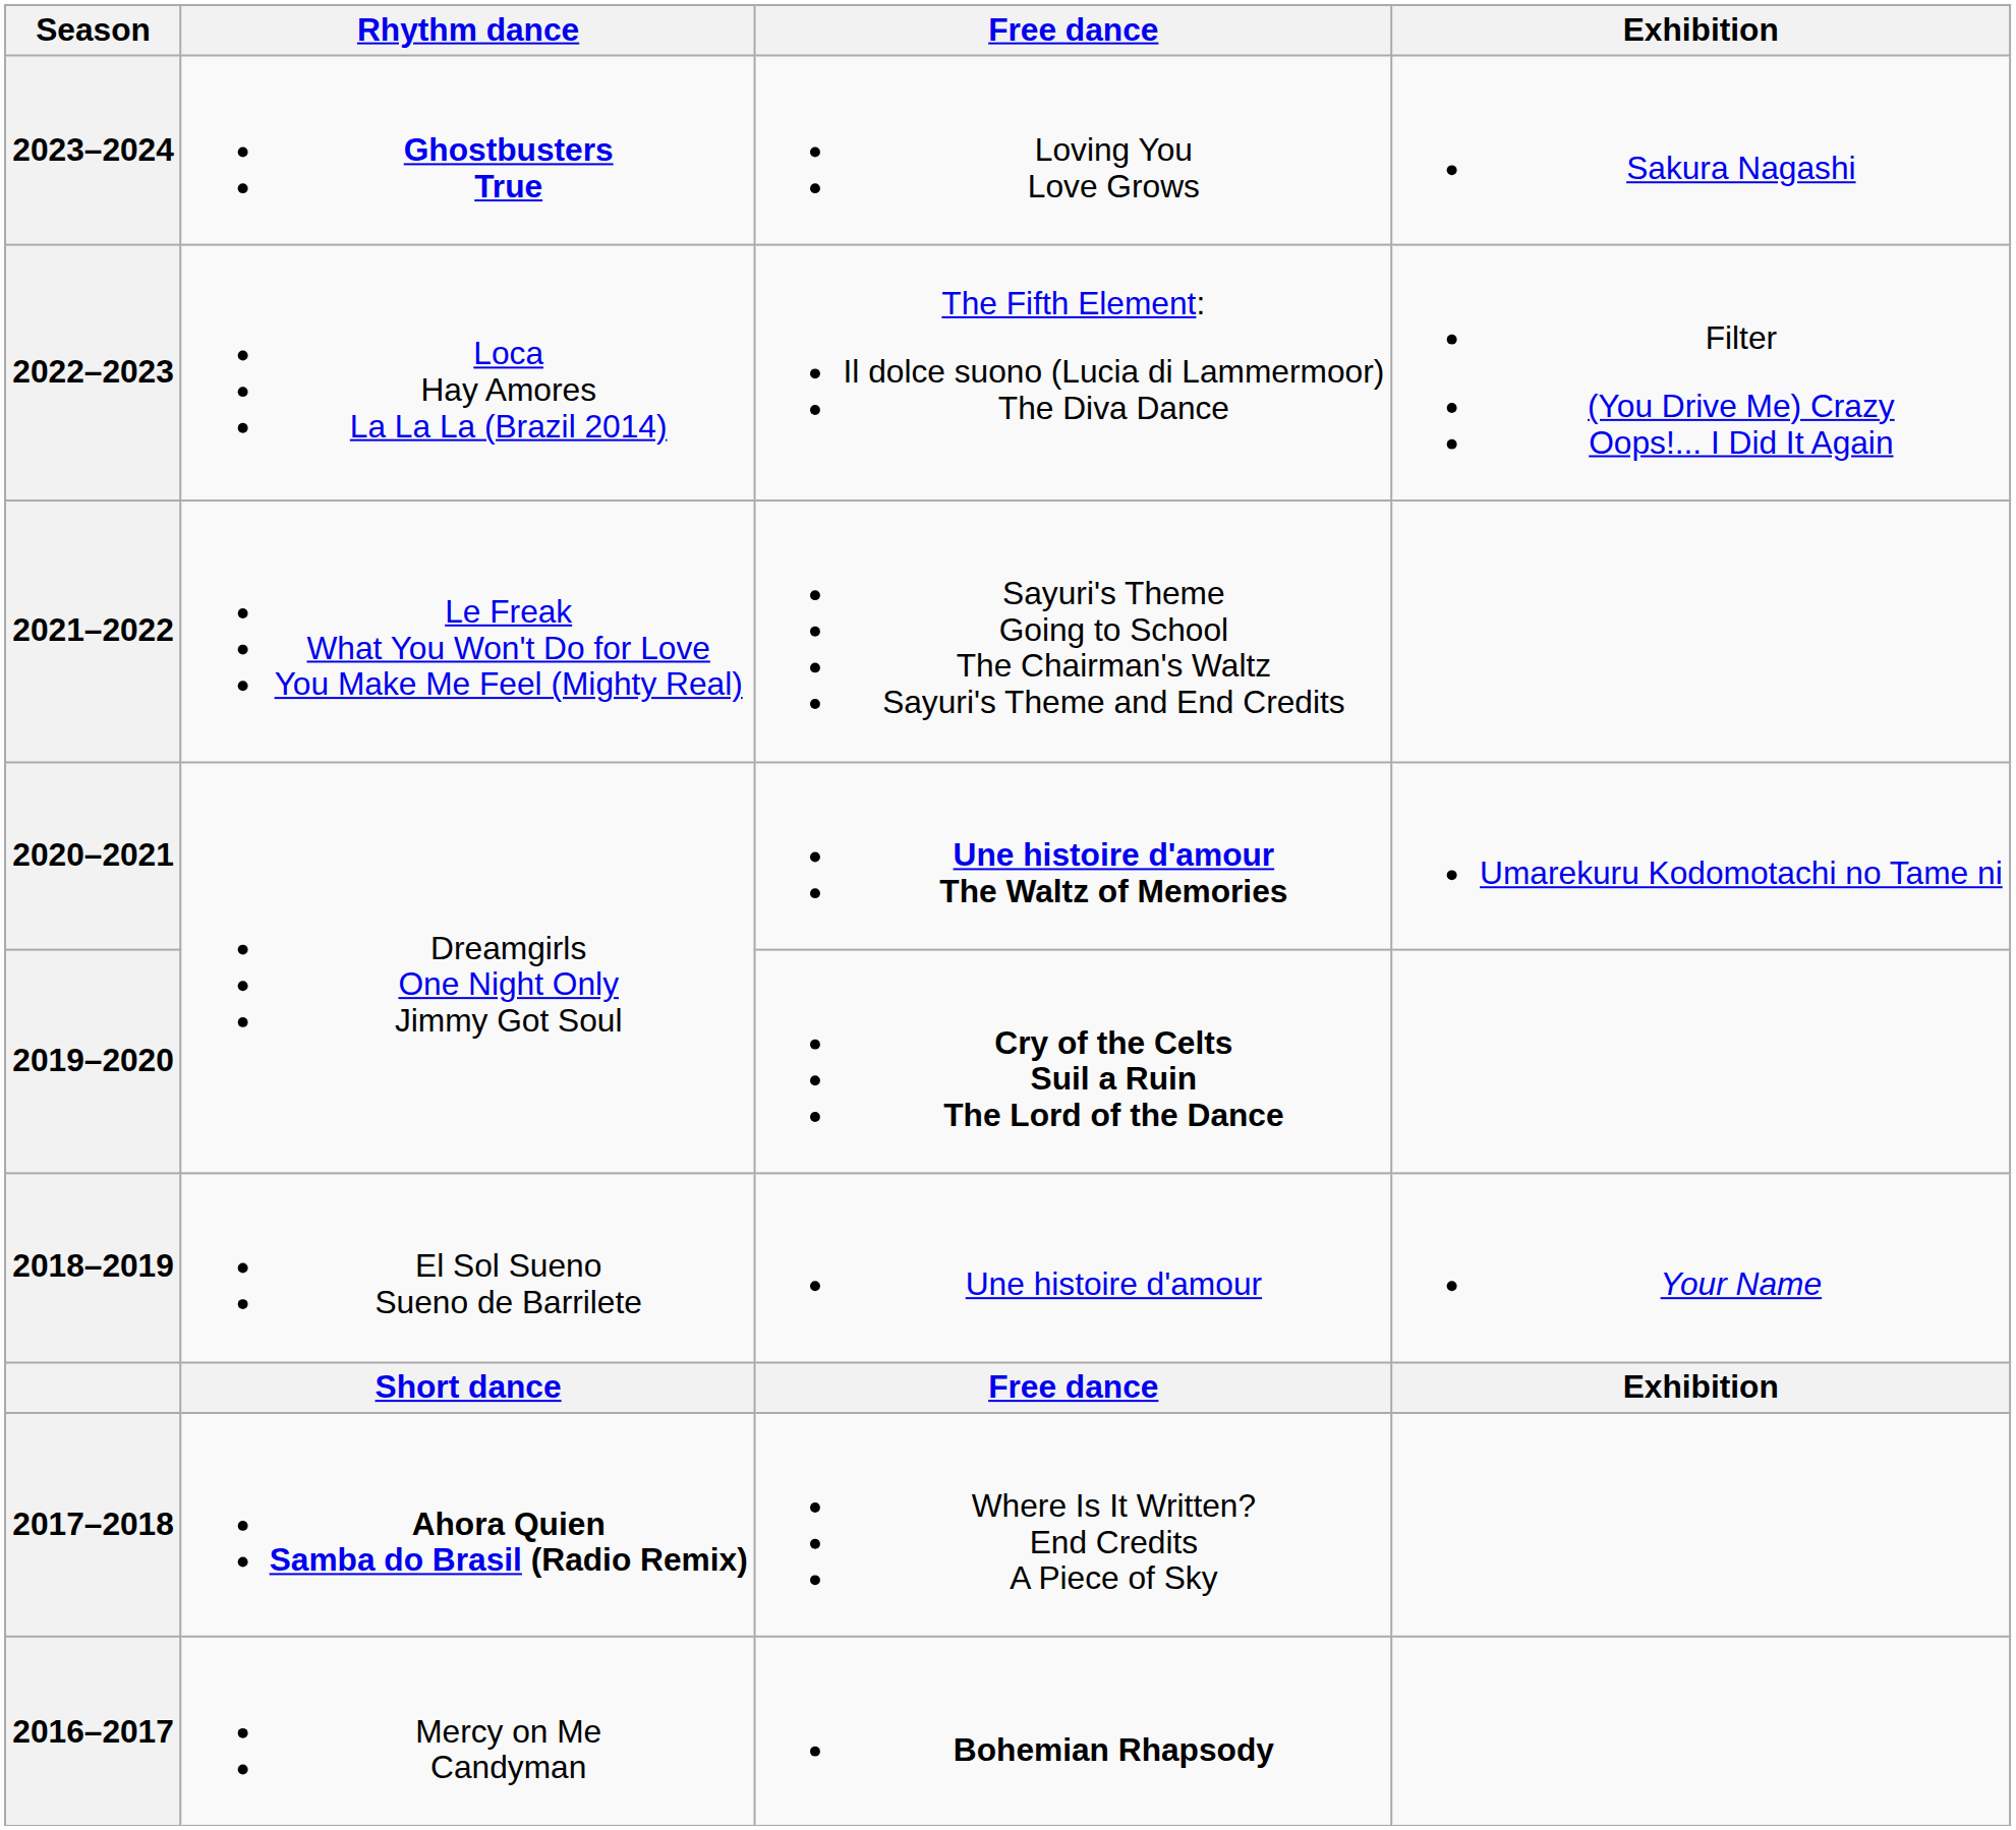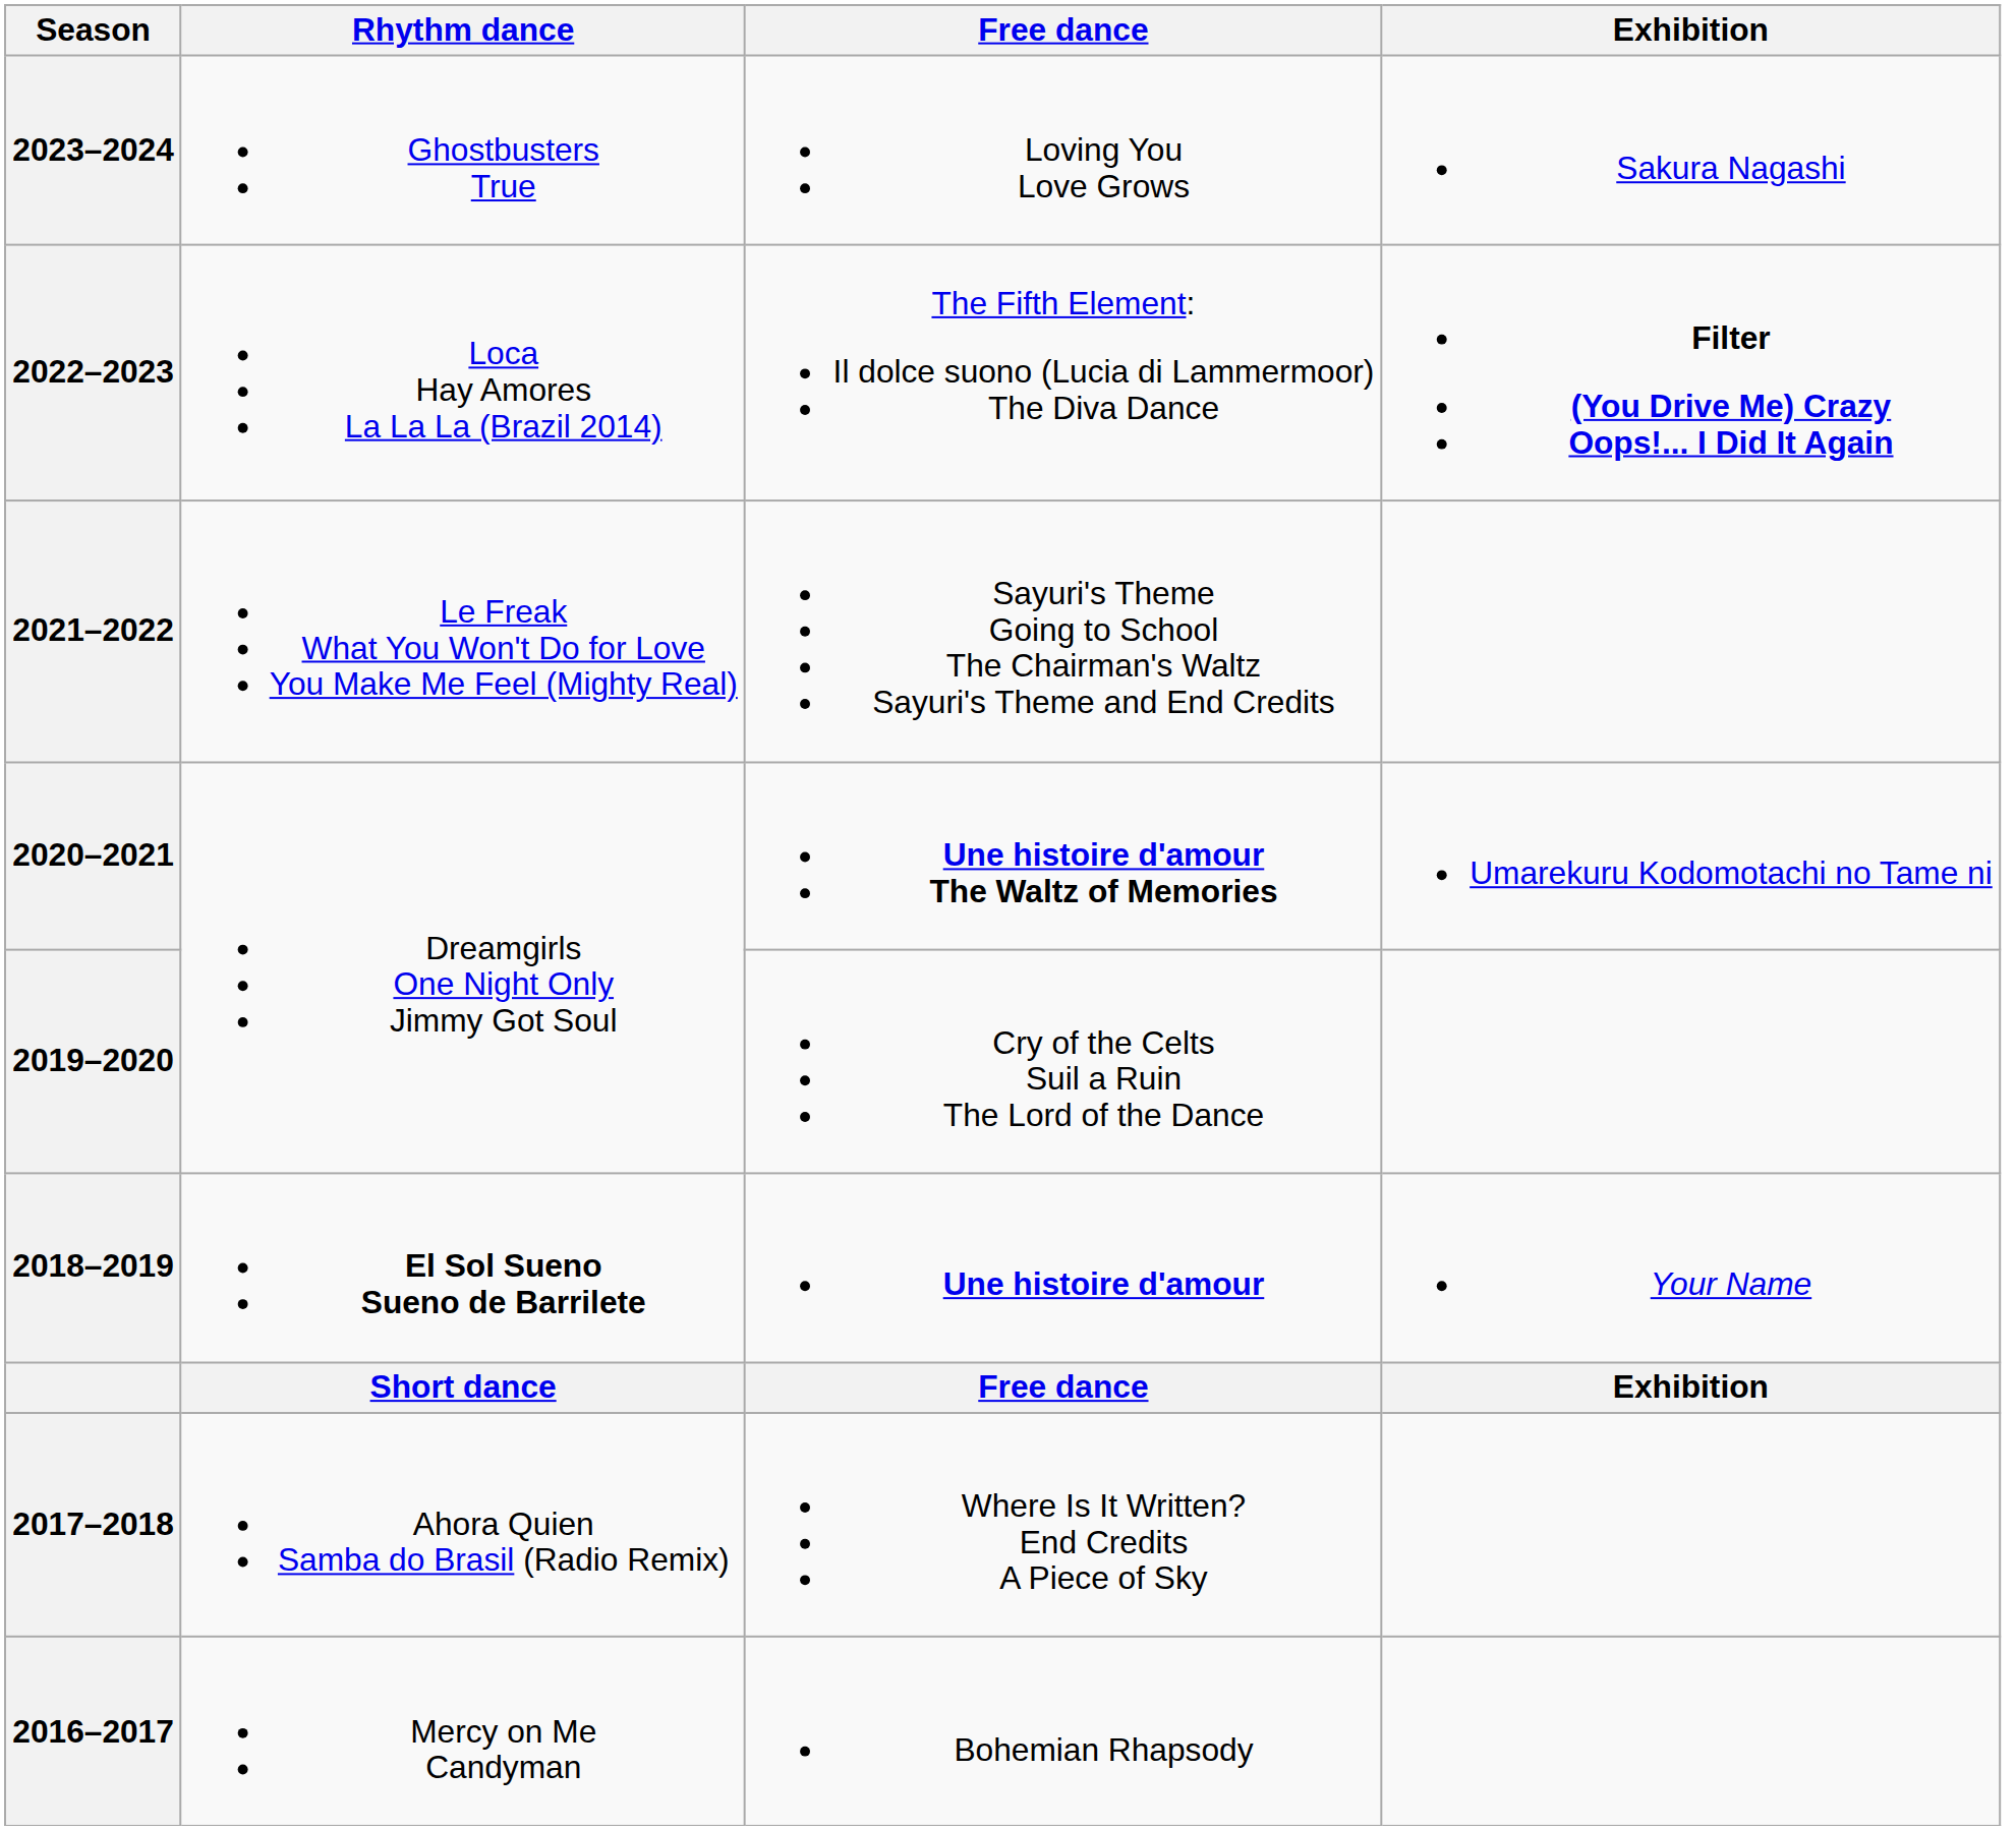 <table class=wikitable style=text-align:center>
 <tr>
 <th>Season</th>
 <th><a href='#'>Rhythm dance</a></th>
 <th><a href='#'>Free dance</a></th>
 <th>Exhibition</th>
 </tr>
 <tr>
 <th>2023–2024  <br> </th>
-<td><strong><br><ul><li><a href='#'>Ghostbusters</a> <br> </li><li><a href='#'>True</a> <br> </li></ul></strong></td>
+<td><br><ul><li><a href='#'>Ghostbusters</a> <br> </li><li><a href='#'>True</a> <br> </li></ul></td>
 <td><br><ul><li>Loving You <br></li><li>Love Grows <br></li></ul></td>
 <td><br><ul><li><a href='#'>Sakura Nagashi</a> <br></li></ul></td>
 </tr>
 <tr>
 <th>2022–2023  <br> </th>
 <td><br><ul><li><a href='#'>Loca</a> <br></li><li>Hay Amores <br></li><li><a href='#'>La La La (Brazil 2014)</a>  <br></li></ul></td>
 <td><a href='#'>The Fifth Element</a>:<br><ul><li>Il dolce suono (Lucia di Lammermoor) <br></li><li>The Diva Dance <br></li></ul></td>
-<td><br><ul><li>Filter <br></li></ul><ul><li><a href='#'>(You Drive Me) Crazy</a></li><li><a href='#'>Oops!... I Did It Again</a> <br></li></ul></td>
+<td><strong><br><ul><li>Filter <br></li></ul><ul><li><a href='#'>(You Drive Me) Crazy</a></li><li><a href='#'>Oops!... I Did It Again</a> <br></li></ul></strong></td>
 </tr>
 <tr>
 <th>2021–2022 <br> </th>
 <td><br><ul><li><a href='#'>Le Freak</a> <br> </li><li><a href='#'>What You Won't Do for Love</a> <br> </li><li><a href='#'>You Make Me Feel (Mighty Real)</a> <br></li></ul></td>
 <td><br><ul><li>Sayuri's Theme</li><li>Going to School</li><li>The Chairman's Waltz</li><li>Sayuri's Theme and End Credits <br> </li></ul></td>
 <td></td>
 </tr>
 <tr>
 <th>2020–2021 <br> </th>
 <td rowspan=2><br><ul><li> Dreamgirls</li><li> <a href='#'>One Night Only</a></li><li> Jimmy Got Soul <br></li></ul></td>
 <td><strong><br><ul><li><a href='#'>Une histoire d'amour</a> <br></li><li>The Waltz of Memories <br> </li></ul></strong></td>
 <td><br><ul><li><a href='#'>Umarekuru Kodomotachi no Tame ni</a> <br></li></ul></td>
 </tr>
 <tr>
 <th>2019–2020 <br> </th>
-<td><strong><br><ul><li>Cry of the Celts</li><li>Suil a Ruin</li><li>The Lord of the Dance <br></li></ul></strong></td>
+<td><br><ul><li>Cry of the Celts</li><li>Suil a Ruin</li><li>The Lord of the Dance <br></li></ul></td>
 <td></td>
 </tr>
 <tr>
 <th>2018–2019 <br> </th>
-<td><br><ul><li> El Sol Sueno <br></li><li> Sueno de Barrilete <br></li></ul></td>
-<td><br><ul><li><a href='#'>Une histoire d'amour</a> <br></li></ul></td>
+<td><strong><br><ul><li> El Sol Sueno <br></li><li> Sueno de Barrilete <br></li></ul></strong></td>
+<td><strong><br><ul><li><a href='#'>Une histoire d'amour</a> <br></li></ul></strong></td>
 <td><br><ul><li><em><a href='#'>Your Name</a></em><br></li></ul></td>
 </tr>
 <tr>
 <th></th>
 <th><a href='#'>Short dance</a></th>
 <th><a href='#'>Free dance</a></th>
 <th>Exhibition</th>
 </tr>
 <tr>
 <th>2017–2018 <br> </th>
-<td><strong><br><ul><li> Ahora Quien <br></li><li> <a href='#'>Samba do Brasil</a> (Radio Remix) <br></li></ul></strong></td>
+<td><br><ul><li> Ahora Quien <br></li><li> <a href='#'>Samba do Brasil</a> (Radio Remix) <br></li></ul></td>
 <td><br><ul><li>Where Is It Written? <br></li><li>End Credits <br></li><li>A Piece of Sky <br></li></ul></td>
 <td></td>
 </tr>
 <tr>
 <th>2016–2017<br></th>
 <td><br><ul><li>Mercy on Me</li><li>Candyman<br></li></ul></td>
-<td><strong><br><ul><li>Bohemian Rhapsody<br></li></ul></strong></td>
+<td><br><ul><li>Bohemian Rhapsody<br></li></ul></td>
 <td></td>
 </tr>
 </table>
